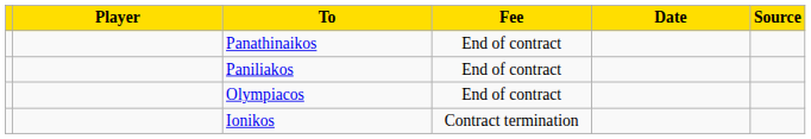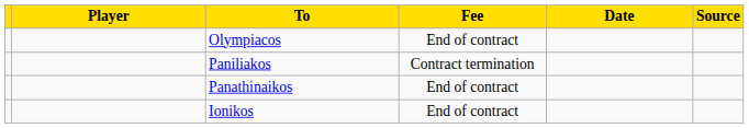 <table class="wikitable sortable">
 <tr>
 <th style="background:#FFDE00"></th>
 <th width=200 style="background:#FFDE00">Player</th>
 <th width=200 style="background:#FFDE00">To</th>
 <th width=150 style="background:#FFDE00">Fee</th>
 <th width=150 style="background:#FFDE00">Date</th>
 <th style="background:#FFDE00">Source</th>
 </tr>
 <tr>
 <td align=center></td>
 <td></td>
+<td> <a href='#'>Olympiacos</a></td>
+<td align=center>End of contract</td>
+<td align=center></td>
+<td align=center></td>
+</tr>
+<tr>
+<td align=center></td>
+<td></td>
+<td> <a href='#'>Paniliakos</a></td>
+<td align=center>Contract termination</td>
+<td align=center></td>
+<td align=center></td>
+</tr>
+<tr>
+<td align=center></td>
+<td></td>
 <td> <a href='#'>Panathinaikos</a></td>
 <td align=center>End of contract</td>
 <td align=center></td>
 <td align=center></td>
 </tr>
 <tr>
 <td align=center></td>
 <td></td>
-<td> <a href='#'>Paniliakos</a></td>
+<td> <a href='#'>Ionikos</a></td>
 <td align=center>End of contract</td>
 <td align=center></td>
 <td align=center></td>
 </tr>
-<tr>
-<td align=center></td>
-<td></td>
-<td> <a href='#'>Olympiacos</a></td>
-<td align=center>End of contract</td>
-<td align=center></td>
-<td align=center></td>
-</tr>
-<tr>
-<td align=center></td>
-<td></td>
-<td> <a href='#'>Ionikos</a></td>
-<td align=center>Contract termination</td>
-<td align=center></td>
-<td align=center></td>
-</tr>
 </table>
